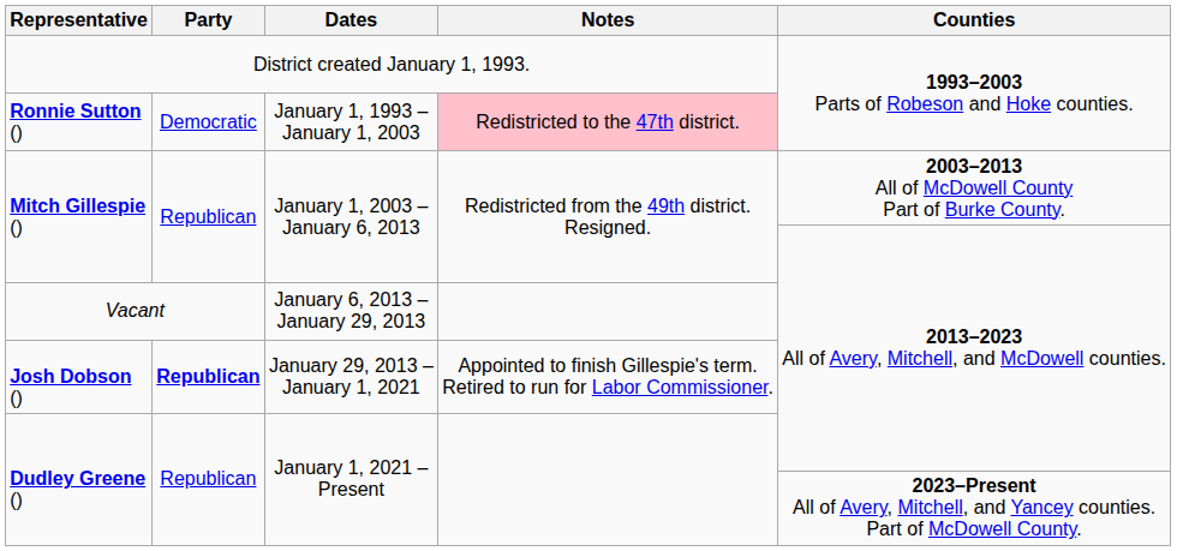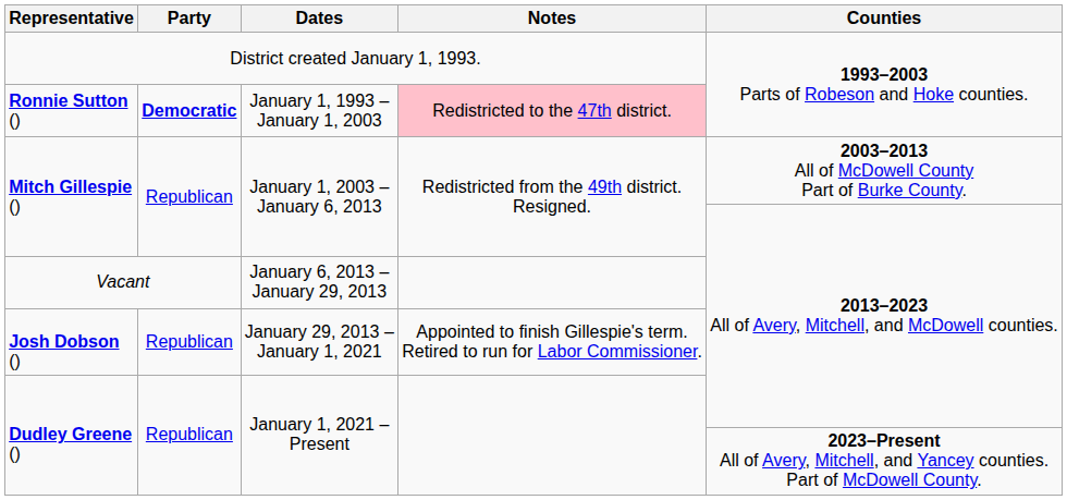 <table class=wikitable style="text-align:center">
 <tr>
 <th>Representative</th>
 <th>Party</th>
 <th>Dates</th>
 <th>Notes</th>
 <th>Counties</th>
 </tr>
 <tr style="height:3em">
 <td colspan=4>District created January 1, 1993.</td>
 <td rowspan=2><strong>1993–2003</strong> <br> Parts of <a href='#'>Robeson</a> and <a href='#'>Hoke</a> counties.</td>
 </tr>
 <tr style="height:3em">
 <td align=left><strong><a href='#'>Ronnie Sutton</a></strong><br>()</td>
-<td><a href='#'>Democratic</a></td>
+<td><strong><a href='#'>Democratic</a></strong></td>
 <td nowrap>January 1, 1993 – <br> January 1, 2003</td>
 <td style="background: pink;">Redistricted to the <a href='#'>47th</a> district.</td>
 </tr>
 <tr style="height:3em">
 <td rowspan=2 align=left><strong><a href='#'>Mitch Gillespie</a></strong><br>()</td>
 <td rowspan=2 ><a href='#'>Republican</a></td>
 <td rowspan=2 nowrap>January 1, 2003 – <br> January 6, 2013</td>
 <td rowspan=2>Redistricted from the <a href='#'>49th</a> district. <br> Resigned.</td>
 <td><strong>2003–2013</strong> <br> All of <a href='#'>McDowell County</a> <br> Part of <a href='#'>Burke County</a>.</td>
 </tr>
 <tr style="height:3em">
 <td rowspan=4><strong>2013–2023</strong> <br> All of <a href='#'>Avery</a>, <a href='#'>Mitchell</a>, and <a href='#'>McDowell</a> counties.</td>
 </tr>
 <tr style="height:3em">
 <td colspan=2><em>Vacant</em></td>
 <td nowrap>January 6, 2013 – <br> January 29, 2013</td>
 <td></td>
 </tr>
 <tr style="height:3em">
 <td align=left><br><strong><a href='#'>Josh Dobson</a></strong><br>()</td>
-<td><strong><a href='#'>Republican</a></strong></td>
+<td><a href='#'>Republican</a></td>
 <td nowrap>January 29, 2013 – <br> January 1, 2021</td>
 <td>Appointed to finish Gillespie's term. <br> Retired to run for <a href='#'>Labor Commissioner</a>.</td>
 </tr>
 <tr style="height:3em">
 <td rowspan=2 align=left><br><strong><a href='#'>Dudley Greene</a></strong><br>()</td>
 <td rowspan=2 ><a href='#'>Republican</a></td>
 <td rowspan=2 nowrap>January 1, 2021 – <br> Present</td>
 <td rowspan=2></td>
 </tr>
 <tr style="height:3em">
 <td><strong>2023–Present</strong> <br> All of <a href='#'>Avery</a>, <a href='#'>Mitchell</a>, and <a href='#'>Yancey</a> counties. <br> Part of <a href='#'>McDowell County</a>.</td>
 </tr>
 </table>
